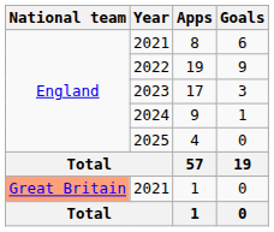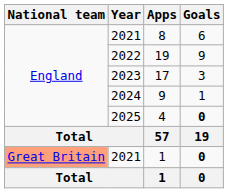 <table class="wikitable" style="text-align:center">
 <tr>
 <th>National team</th>
 <th>Year</th>
 <th>Apps</th>
 <th>Goals</th>
 </tr>
 <tr>
 <td rowspan="5"><a href='#'>England</a></td>
 <td>2021</td>
 <td>8</td>
 <td>6</td>
 </tr>
 <tr>
 <td>2022</td>
 <td>19</td>
 <td>9</td>
 </tr>
 <tr>
 <td>2023</td>
 <td>17</td>
 <td>3</td>
 </tr>
 <tr>
 <td>2024</td>
 <td>9</td>
 <td>1</td>
 </tr>
 <tr>
 <td>2025</td>
 <td>4</td>
-<td>0</td>
+<td><strong>0</strong></td>
 </tr>
 <tr>
 <th colspan="2">Total</th>
 <th>57</th>
 <th>19</th>
 </tr>
 <tr>
 <td rowspan="1" style="background: lightsalmon;"><a href='#'>Great Britain</a></td>
 <td>2021</td>
 <td>1</td>
-<td>0</td>
+<td><strong>0</strong></td>
 </tr>
 <tr>
 <th colspan="2">Total</th>
 <th>1</th>
 <th>0</th>
 </tr>
 </table>
